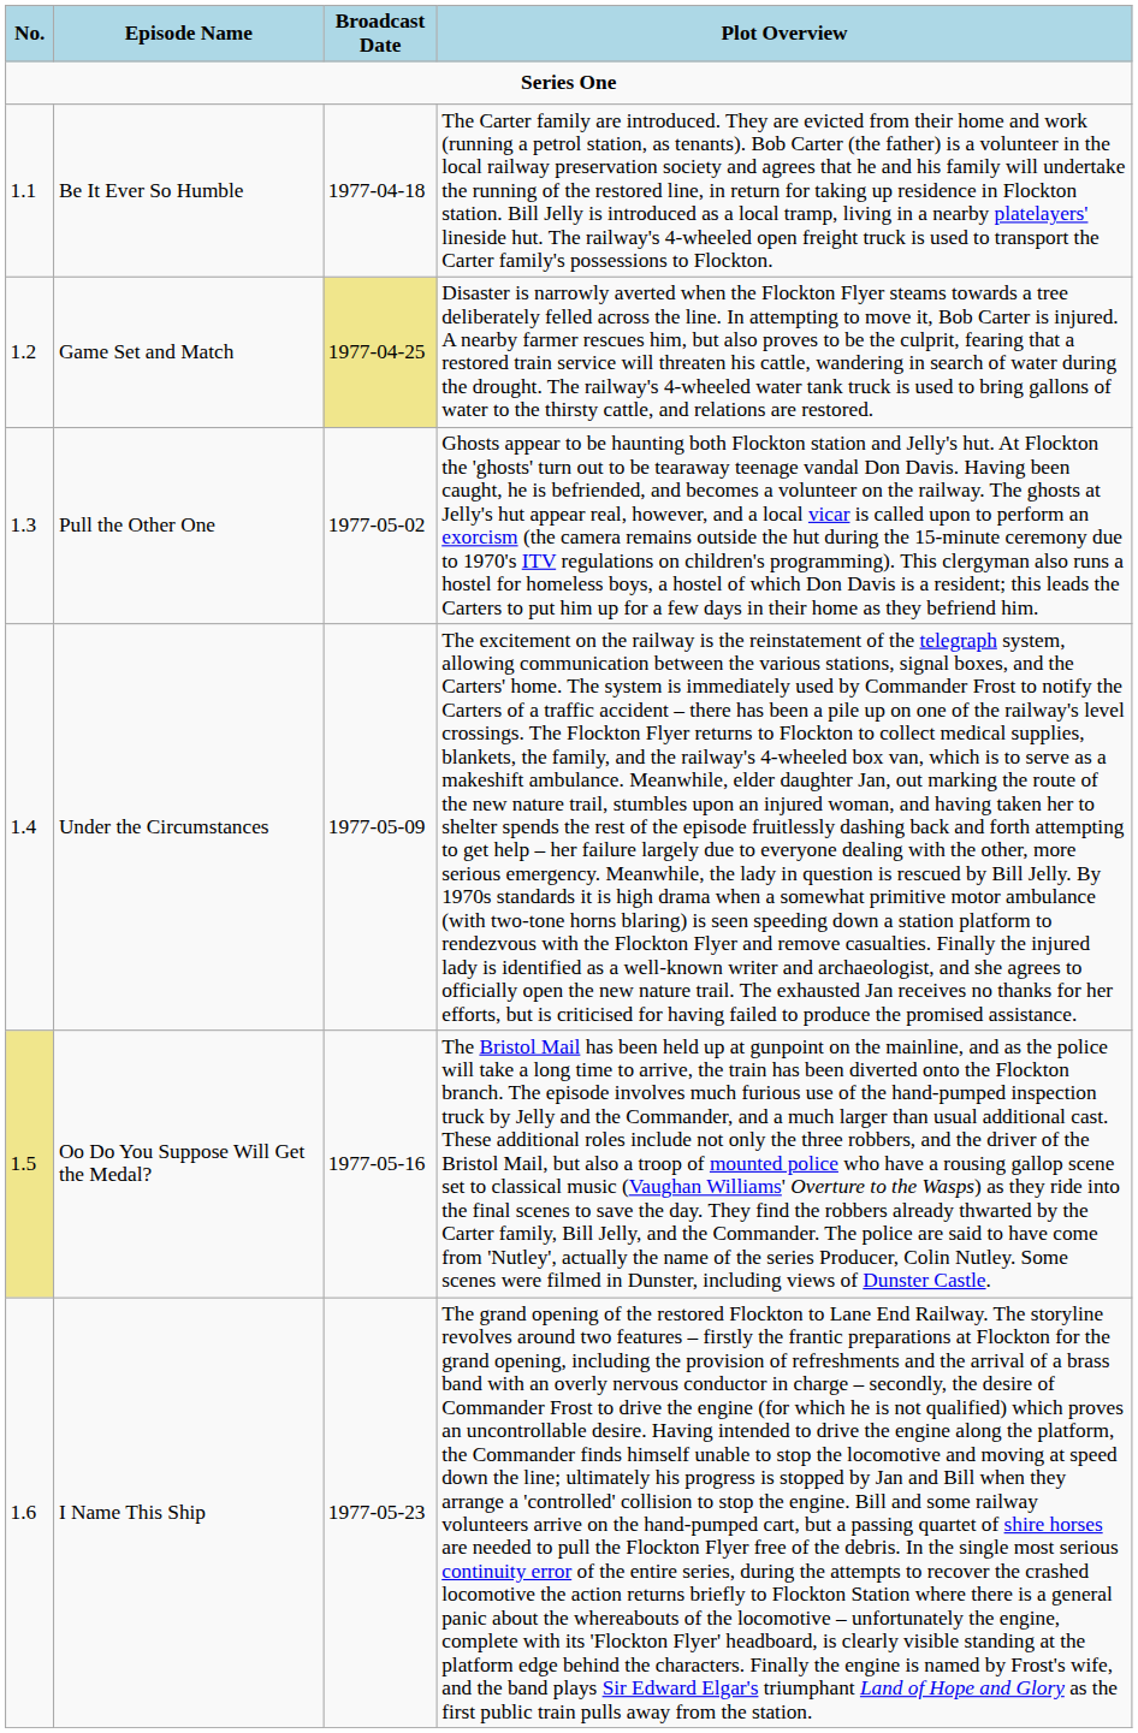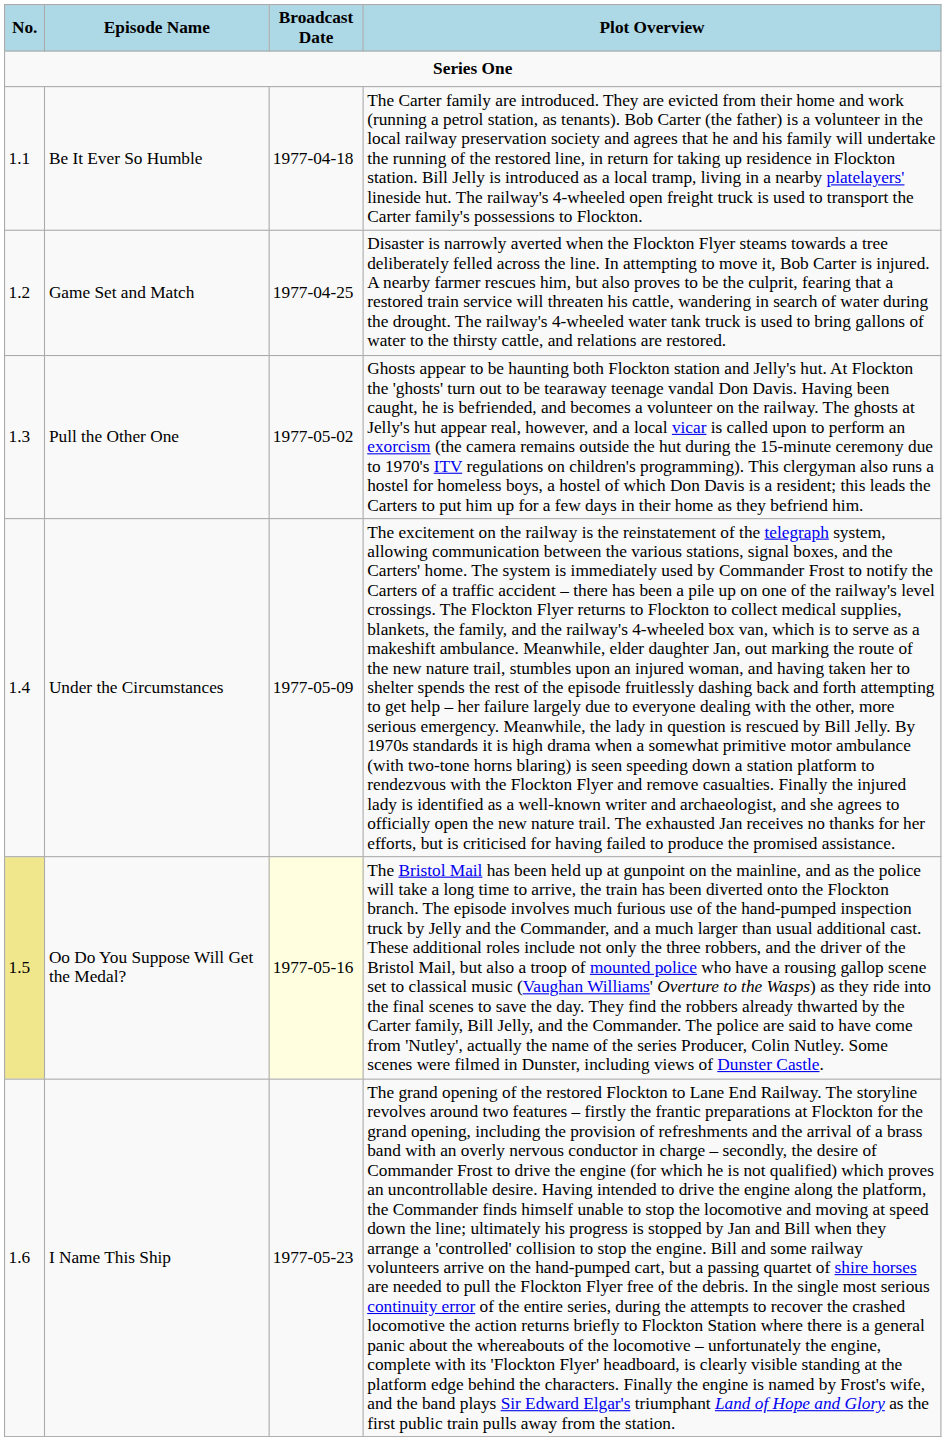 <table class="wikitable">
 <tr>
 <th style="background:lightblue; color:black" width="30">No.</th>
 <th style="background:lightblue; color:black" width="200">Episode Name</th>
 <th style="background:lightblue; color:black" width="80">Broadcast Date</th>
 <th style="background:lightblue; color:black">Plot Overview</th>
 </tr>
 <tr>
 <td colspan="4" align="center" height=25><strong>Series One</strong></td>
 </tr>
 <tr>
 <td>1.1</td>
 <td>Be It Ever So Humble</td>
 <td>1977-04-18</td>
 <td>The Carter family are introduced. They are evicted from their home and work (running a petrol station, as tenants). Bob Carter (the father) is a volunteer in the local railway preservation society and agrees that he and his family will undertake the running of the restored line, in return for taking up residence in Flockton station. Bill Jelly is introduced as a local tramp, living in a nearby <a href='#'>platelayers'</a> lineside hut. The railway's 4-wheeled open freight truck is used to transport the Carter family's possessions to Flockton.</td>
 </tr>
 <tr>
 <td>1.2</td>
 <td>Game Set and Match</td>
-<td style="background: khaki;">1977-04-25</td>
+<td>1977-04-25</td>
 <td>Disaster is narrowly averted when the Flockton Flyer steams towards a tree deliberately felled across the line. In attempting to move it, Bob Carter is injured. A nearby farmer rescues him, but also proves to be the culprit, fearing that a restored train service will threaten his cattle, wandering in search of water during the drought. The railway's 4-wheeled water tank truck is used to bring gallons of water to the thirsty cattle, and relations are restored.</td>
 </tr>
 <tr>
 <td>1.3</td>
 <td>Pull the Other One</td>
 <td>1977-05-02</td>
 <td>Ghosts appear to be haunting both Flockton station and Jelly's hut. At Flockton the 'ghosts' turn out to be tearaway teenage vandal Don Davis. Having been caught, he is befriended, and becomes a volunteer on the railway. The ghosts at Jelly's hut appear real, however, and a local <a href='#'>vicar</a> is called upon to perform an <a href='#'>exorcism</a> (the camera remains outside the hut during the 15-minute ceremony due to 1970's <a href='#'>ITV</a> regulations on children's programming). This clergyman also runs a hostel for homeless boys, a hostel of which Don Davis is a resident; this leads the Carters to put him up for a few days in their home as they befriend him.</td>
 </tr>
 <tr>
 <td>1.4</td>
 <td>Under the Circumstances</td>
 <td>1977-05-09</td>
 <td>The excitement on the railway is the reinstatement of the <a href='#'>telegraph</a> system, allowing communication between the various stations, signal boxes, and the Carters' home. The system is immediately used by Commander Frost to notify the Carters of a traffic accident – there has been a pile up on one of the railway's level crossings. The Flockton Flyer returns to Flockton to collect medical supplies, blankets, the family, and the railway's 4-wheeled box van, which is to serve as a makeshift ambulance. Meanwhile, elder daughter Jan, out marking the route of the new nature trail, stumbles upon an injured woman, and having taken her to shelter spends the rest of the episode fruitlessly dashing back and forth attempting to get help – her failure largely due to everyone dealing with the other, more serious emergency. Meanwhile, the lady in question is rescued by Bill Jelly. By 1970s standards it is high drama when a somewhat primitive motor ambulance (with two-tone horns blaring) is seen speeding down a station platform to rendezvous with the Flockton Flyer and remove casualties. Finally the injured lady is identified as a well-known writer and archaeologist, and she agrees to officially open the new nature trail. The exhausted Jan receives no thanks for her efforts, but is criticised for having failed to produce the promised assistance.</td>
 </tr>
 <tr>
 <td style="background: khaki;">1.5</td>
 <td>Oo Do You Suppose Will Get the Medal?</td>
-<td>1977-05-16</td>
+<td style="background: lightyellow;">1977-05-16</td>
 <td>The <a href='#'>Bristol Mail</a> has been held up at gunpoint on the mainline, and as the police will take a long time to arrive, the train has been diverted onto the Flockton branch. The episode involves much furious use of the hand-pumped inspection truck by Jelly and the Commander, and a much larger than usual additional cast. These additional roles include not only the three robbers, and the driver of the Bristol Mail, but also a troop of <a href='#'>mounted police</a> who have a rousing gallop scene set to classical music (<a href='#'>Vaughan Williams</a>' <em>Overture to the Wasps</em>) as they ride into the final scenes to save the day. They find the robbers already thwarted by the Carter family, Bill Jelly, and the Commander. The police are said to have come from 'Nutley', actually the name of the series Producer, Colin Nutley. Some scenes were filmed in Dunster, including views of <a href='#'>Dunster Castle</a>.</td>
 </tr>
 <tr>
 <td>1.6</td>
 <td>I Name This Ship</td>
 <td>1977-05-23</td>
 <td>The grand opening of the restored Flockton to Lane End Railway. The storyline revolves around two features – firstly the frantic preparations at Flockton for the grand opening, including the provision of refreshments and the arrival of a brass band with an overly nervous conductor in charge – secondly, the desire of Commander Frost to drive the engine (for which he is not qualified) which proves an uncontrollable desire. Having intended to drive the engine along the platform, the Commander finds himself unable to stop the locomotive and moving at speed down the line; ultimately his progress is stopped by Jan and Bill when they arrange a 'controlled' collision to stop the engine. Bill and some railway volunteers arrive on the hand-pumped cart, but a passing quartet of <a href='#'>shire horses</a> are needed to pull the Flockton Flyer free of the debris. In the single most serious <a href='#'>continuity error</a> of the entire series, during the attempts to recover the crashed locomotive the action returns briefly to Flockton Station where there is a general panic about the whereabouts of the locomotive – unfortunately the engine, complete with its 'Flockton Flyer' headboard, is clearly visible standing at the platform edge behind the characters. Finally the engine is named by Frost's wife, and the band plays <a href='#'>Sir Edward Elgar's</a> triumphant <em><a href='#'>Land of Hope and Glory</a></em> as the first public train pulls away from the station.</td>
 </tr>
 </table>
